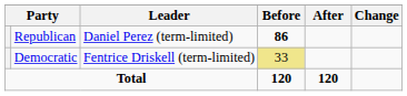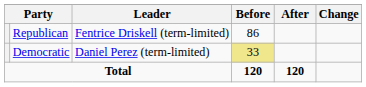 <table class="wikitable" style="text-align:center;">
 <tr>
 </tr>
 <tr>
 <th colspan=2>Party</th>
 <th>Leader</th>
 <th style="width:3em">Before</th>
 <th style="width:3em">After</th>
 <th style="width:3em">Change</th>
 </tr>
 <tr>
 <th style="background-color:"></th>
 <td style="text-align:left;"><a href='#'>Republican</a></td>
-<td style="text-align:left;"><a href='#'>Daniel Perez</a> (term-limited)</td>
-<td><strong>86</strong></td>
+<td style="text-align:left;"><a href='#'>Fentrice Driskell</a> (term-limited)</td>
+<td>86</td>
 <td></td>
 <td></td>
 </tr>
 <tr>
 <th style="background-color:"></th>
 <td style="text-align:left;"><a href='#'>Democratic</a></td>
-<td style="text-align:left;"><a href='#'>Fentrice Driskell</a> (term-limited)</td>
+<td style="text-align:left;"><a href='#'>Daniel Perez</a> (term-limited)</td>
 <td style="background: khaki;">33</td>
 <td></td>
 <td></td>
 </tr>
 <tr>
 <td colspan=3><strong>Total</strong></td>
 <td><strong>120</strong></td>
 <td><strong>120</strong></td>
 <td></td>
 </tr>
 </table>
